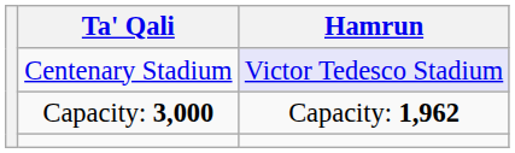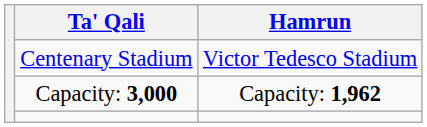 <table class="wikitable" style="text-align:center">
 <tr>
 <th rowspan="4"></th>
 <th><a href='#'>Ta' Qali</a></th>
 <th><a href='#'>Hamrun</a></th>
 </tr>
 <tr>
 <td><a href='#'>Centenary Stadium</a></td>
-<td style="background: lavender;"><a href='#'>Victor Tedesco Stadium</a></td>
+<td><a href='#'>Victor Tedesco Stadium</a></td>
 </tr>
 <tr>
 <td>Capacity: <strong>3,000</strong></td>
 <td>Capacity: <strong>1,962</strong></td>
 </tr>
 <tr>
 <td></td>
 <td></td>
 </tr>
 </table>
